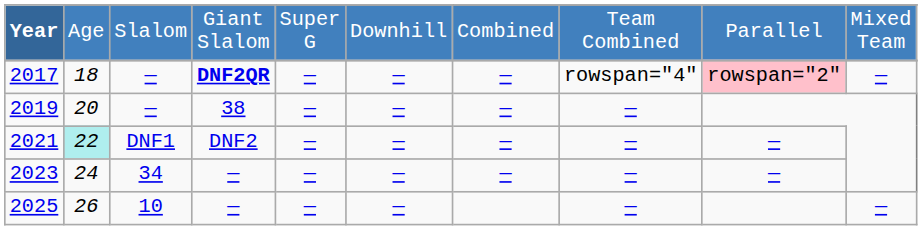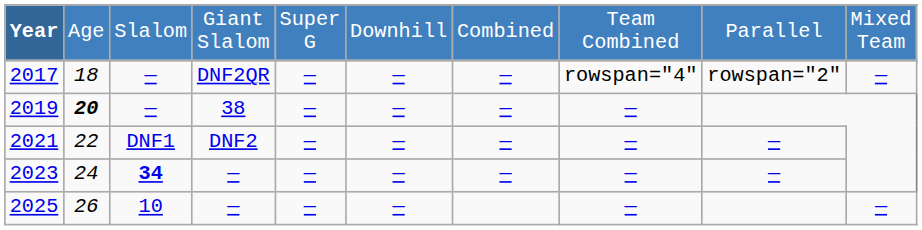 <table class="wikitable" style="font-size:95%; text-align:center; border:grey solid 1px; border-collapse:collapse;" width="40%">
 <tr style="background-color:#369; color:white;">
 <td rowspan="2" colspan="1" width="4%"><strong>Year</strong></td>
 </tr>
 <tr style="background-color:#4180be; color:white;">
 <td width="3%">Age</td>
 <td width="5%">Slalom</td>
 <td width="5%">Giant<br>Slalom</td>
 <td width="5%">Super G</td>
 <td width="5%">Downhill</td>
 <td width="5%">Combined</td>
 <td width="5%">Team Combined</td>
 <td width="5%">Parallel</td>
 <td width="5%">Mixed Team</td>
 </tr>
 <tr style="background-color:#8CB2D8; color:white;">
 </tr>
 <tr>
 <td><a href='#'>2017</a></td>
 <td><em>18</em></td>
 <td><a href='#'>—</a></td>
-<td><strong><a href='#'>DNF2QR</a></strong></td>
+<td><a href='#'>DNF2QR</a></td>
 <td><a href='#'>—</a></td>
 <td><a href='#'>—</a></td>
 <td><a href='#'>—</a></td>
 <td>rowspan="4" </td>
-<td style="background: pink;">rowspan="2" </td>
+<td>rowspan="2" </td>
 <td><a href='#'>—</a></td>
 </tr>
 <tr>
 <td><a href='#'>2019</a></td>
-<td><em>20</em></td>
+<td><strong><em>20</em></strong></td>
 <td><a href='#'>—</a></td>
 <td><a href='#'>38</a></td>
 <td><a href='#'>—</a></td>
 <td><a href='#'>—</a></td>
 <td><a href='#'>—</a></td>
 <td><a href='#'>—</a></td>
 </tr>
 <tr>
 <td><a href='#'>2021</a></td>
-<td style="background: paleturquoise;"><em>22</em></td>
+<td><em>22</em></td>
 <td><a href='#'>DNF1</a></td>
 <td><a href='#'>DNF2</a></td>
 <td><a href='#'>—</a></td>
 <td><a href='#'>—</a></td>
 <td><a href='#'>—</a></td>
 <td><a href='#'>—</a></td>
 <td><a href='#'>—</a></td>
 </tr>
 <tr>
 <td><a href='#'>2023</a></td>
 <td><em>24</em></td>
-<td><a href='#'>34</a></td>
+<td><strong><a href='#'>34</a></strong></td>
 <td><a href='#'>—</a></td>
 <td><a href='#'>—</a></td>
 <td><a href='#'>—</a></td>
 <td><a href='#'>—</a></td>
 <td><a href='#'>—</a></td>
 <td><a href='#'>—</a></td>
 </tr>
 <tr>
 <td><a href='#'>2025</a></td>
 <td><em>26</em></td>
 <td><a href='#'>10</a></td>
 <td><a href='#'>—</a></td>
 <td><a href='#'>—</a></td>
 <td><a href='#'>—</a></td>
 <td></td>
 <td><a href='#'>—</a></td>
 <td></td>
 <td><a href='#'>—</a></td>
 </tr>
 </table>
